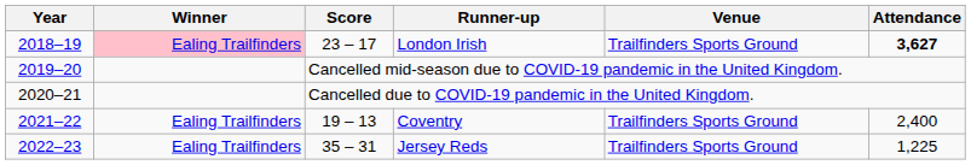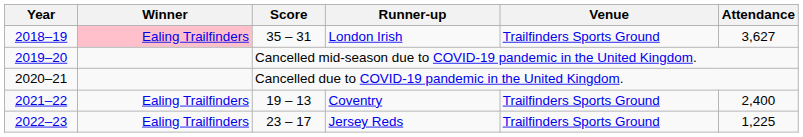 <table class="wikitable">
 <tr>
 <th style="width:60pt;">Year</th>
 <th style="width:150pt;">Winner</th>
 <th style="width:60pt;">Score</th>
 <th style="width:150pt;">Runner-up</th>
 <th style="width:190pt;">Venue</th>
 <th style="width:60pt;">Attendance</th>
 </tr>
 <tr>
 <td align=center><a href='#'>2018–19</a></td>
 <td align=right style="background: pink;"><a href='#'>Ealing Trailfinders</a></td>
-<td align=center>23 – 17</td>
+<td align=center>35 – 31</td>
 <td><a href='#'>London Irish</a></td>
 <td><a href='#'>Trailfinders Sports Ground</a></td>
-<td align=center><strong>3,627</strong></td>
+<td align=center>3,627</td>
 </tr>
 <tr>
 <td align=center><a href='#'>2019–20</a></td>
 <td style="text-align: left;"></td>
 <td colspan=4>Cancelled mid-season due to <a href='#'>COVID-19 pandemic in the United Kingdom</a>.</td>
 </tr>
 <tr>
 <td align=center>2020–21</td>
 <td style="text-align: left;"></td>
 <td colspan=4>Cancelled due to <a href='#'>COVID-19 pandemic in the United Kingdom</a>.</td>
 </tr>
 <tr>
 <td align=center><a href='#'>2021–22</a></td>
 <td align=right><a href='#'>Ealing Trailfinders</a></td>
 <td align=center>19 – 13</td>
 <td><a href='#'>Coventry</a></td>
 <td><a href='#'>Trailfinders Sports Ground</a></td>
 <td align=center>2,400</td>
 </tr>
 <tr>
 <td align=center><a href='#'>2022–23</a></td>
 <td align=right><a href='#'>Ealing Trailfinders</a></td>
-<td align=center>35 – 31</td>
+<td align=center>23 – 17</td>
 <td><a href='#'>Jersey Reds</a></td>
 <td><a href='#'>Trailfinders Sports Ground</a></td>
 <td align=center>1,225</td>
 </tr>
 </table>
